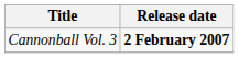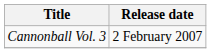 <table class="wikitable">
 <tr>
 <th>Title</th>
 <th>Release date</th>
 </tr>
 <tr>
 <td><em>Cannonball Vol. 3</em></td>
-<td><strong>2 February 2007</strong></td>
+<td>2 February 2007</td>
 </tr>
 <tr>
 </tr>
 </table>
